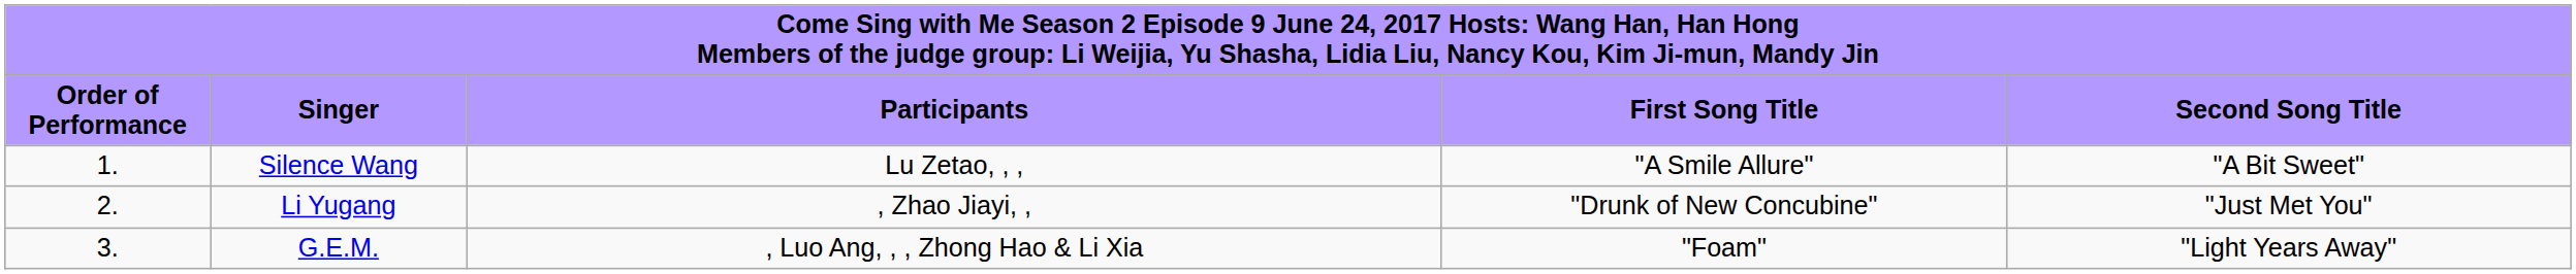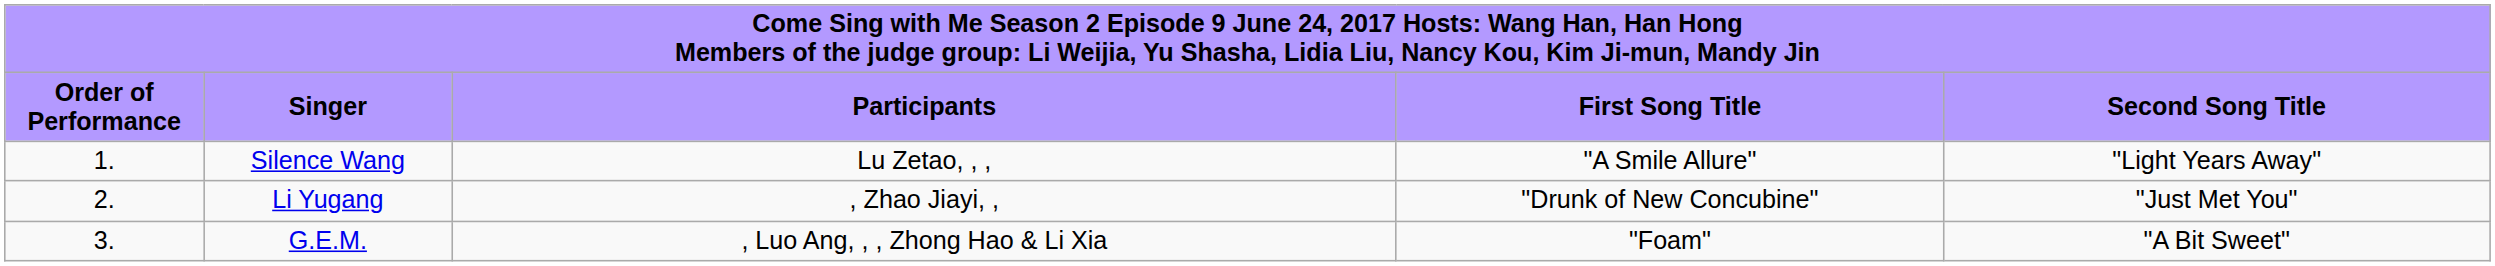 <table class="wikitable sortable mw-collapsible" width="100%" style="text-align:center">
 <tr style="background:#B399FF">
 <td colspan="5"><div><strong>Come Sing with Me Season 2 Episode 9 June 24, 2017 Hosts: Wang Han, Han Hong<br>Members of the judge group: Li Weijia, Yu Shasha, Lidia Liu, Nancy Kou, Kim Ji-mun, Mandy Jin</strong></div></td>
 </tr>
 <tr style="background:#B399FF">
 <td style="width:8%"><strong>Order of Performance</strong></td>
 <td style="width:10%"><strong>Singer</strong></td>
 <td style="width:38%"><strong>Participants</strong></td>
 <td style="width:22%"><strong>First Song Title</strong></td>
 <td style="width:22%"><strong>Second Song Title</strong></td>
 </tr>
 <tr>
 <td>1.</td>
 <td><a href='#'>Silence Wang</a></td>
 <td>Lu Zetao, , , </td>
 <td>"A Smile Allure"</td>
-<td>"A Bit Sweet"</td>
+<td>"Light Years Away"</td>
 </tr>
 <tr>
 <td>2.</td>
 <td><a href='#'>Li Yugang</a></td>
 <td>, Zhao Jiayi, ,  <br> </td>
 <td>"Drunk of New Concubine"</td>
 <td>"Just Met You"</td>
 </tr>
 <tr>
 <td>3.</td>
 <td><a href='#'>G.E.M.</a></td>
 <td>, Luo Ang, , , Zhong Hao & Li Xia <br> </td>
 <td>"Foam"</td>
-<td>"Light Years Away"</td>
+<td>"A Bit Sweet"</td>
 </tr>
 </table>
